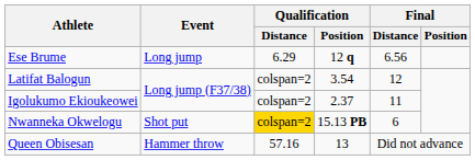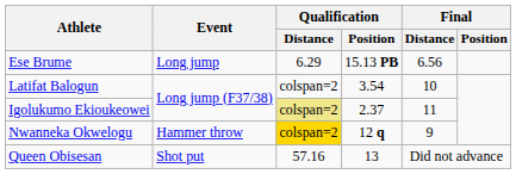 <table class=wikitable style="font-size:90%">
 <tr>
 <th rowspan="2">Athlete</th>
 <th rowspan="2">Event</th>
 <th colspan="2">Qualification</th>
 <th colspan="2">Final</th>
 </tr>
 <tr style="font-size:95%">
 <th>Distance</th>
 <th>Position</th>
 <th>Distance</th>
 <th>Position</th>
 </tr>
 <tr align=center>
 <td align=left><a href='#'>Ese Brume</a></td>
 <td style="text-align:left;"><a href='#'>Long jump</a></td>
 <td>6.29</td>
-<td>12 <strong>q</strong></td>
+<td>15.13 <strong>PB</strong></td>
 <td>6.56</td>
 <td></td>
 </tr>
 <tr align=center>
 <td align=left><a href='#'>Latifat Balogun</a></td>
 <td style="text-align:left;" rowspan="2"><a href='#'>Long jump (F37/38)</a></td>
 <td>colspan=2 </td>
 <td>3.54</td>
-<td>12</td>
+<td>10</td>
 </tr>
 <tr align=center>
 <td align=left><a href='#'>Igolukumo Ekioukeowei</a></td>
-<td>colspan=2 </td>
+<td style="background: khaki;">colspan=2 </td>
 <td>2.37</td>
 <td>11</td>
 </tr>
 <tr align=center>
 <td align=left><a href='#'>Nwanneka Okwelogu</a></td>
-<td style="text-align:left;"><a href='#'>Shot put</a></td>
+<td style="text-align:left;"><a href='#'>Hammer throw</a></td>
 <td style="background: gold;">colspan=2 </td>
-<td>15.13 <strong>PB</strong></td>
-<td>6</td>
+<td>12 <strong>q</strong></td>
+<td>9</td>
 </tr>
 <tr align=center>
 <td align=left><a href='#'>Queen Obisesan</a></td>
-<td style="text-align:left;"><a href='#'>Hammer throw</a></td>
+<td style="text-align:left;"><a href='#'>Shot put</a></td>
 <td>57.16</td>
 <td>13</td>
 <td colspan=2>Did not advance</td>
 </tr>
 </table>
